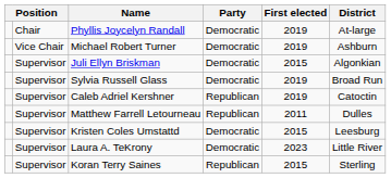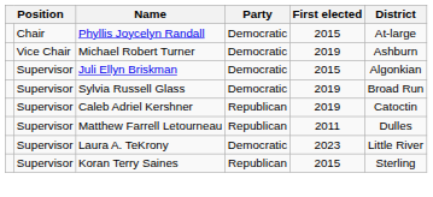 <table class="wikitable">
 <tr>
 <th colspan="2" align="center" valign="bottom">Position</th>
 <th style="text-align:center;">Name</th>
 <th valign="bottom">Party</th>
 <th valign="bottom" align="center">First elected</th>
 <th valign="bottom" align="center">District</th>
 </tr>
 <tr>
 <td style="background-color:"> </td>
 <td>Chair</td>
 <td><a href='#'>Phyllis Joycelyn Randall</a></td>
 <td style="text-align:center;">Democratic</td>
-<td style="text-align:center;">2019</td>
+<td style="text-align:center;">2015</td>
 <td style="text-align:center;">At-large</td>
 </tr>
 <tr>
 <td style="background-color:"> </td>
 <td>Vice Chair</td>
 <td>Michael Robert Turner</td>
 <td style="text-align:center;">Democratic</td>
 <td style="text-align:center;">2019</td>
 <td style="text-align:center;">Ashburn</td>
 </tr>
 <tr>
 <td style="background-color:"> </td>
 <td>Supervisor</td>
 <td><a href='#'>Juli Ellyn Briskman</a></td>
 <td style="text-align:center;">Democratic</td>
 <td style="text-align:center;">2015</td>
 <td style="text-align:center;">Algonkian</td>
 </tr>
 <tr>
 <td style="background-color:"> </td>
 <td>Supervisor</td>
 <td>Sylvia Russell Glass</td>
 <td style="text-align:center;">Democratic</td>
 <td style="text-align:center;">2019</td>
 <td style="text-align:center;">Broad Run</td>
 </tr>
 <tr>
 <td style="background-color:"> </td>
 <td>Supervisor</td>
 <td>Caleb Adriel Kershner</td>
 <td style="text-align:center;">Republican</td>
 <td style="text-align:center;">2019</td>
 <td style="text-align:center;">Catoctin</td>
 </tr>
 <tr>
 <td style="background-color:"> </td>
 <td>Supervisor</td>
 <td>Matthew Farrell Letourneau</td>
 <td style="text-align:center;">Republican</td>
 <td style="text-align:center;">2011</td>
 <td style="text-align:center;">Dulles</td>
 </tr>
 <tr>
 <td style="background-color:"> </td>
 <td>Supervisor</td>
-<td>Kristen Coles Umstattd</td>
-<td style="text-align:center;">Democratic</td>
-<td style="text-align:center;">2015</td>
-<td style="text-align:center;">Leesburg</td>
-</tr>
-<tr>
-<td style="background-color:"> </td>
-<td>Supervisor</td>
 <td>Laura A. TeKrony</td>
 <td style="text-align:center;">Democratic</td>
 <td style="text-align:center;">2023</td>
 <td style="text-align:center;">Little River</td>
 </tr>
 <tr>
 <td style="background-color:"> </td>
 <td>Supervisor</td>
 <td>Koran Terry Saines</td>
 <td style="text-align:center;">Republican</td>
 <td style="text-align:center;">2015</td>
 <td style="text-align:center;">Sterling</td>
 </tr>
 </table>
